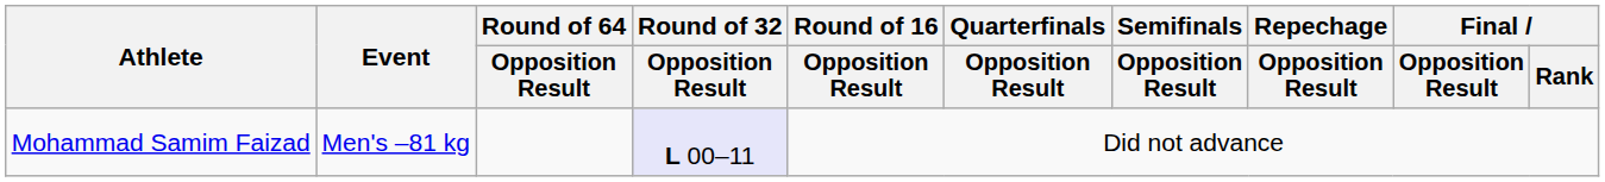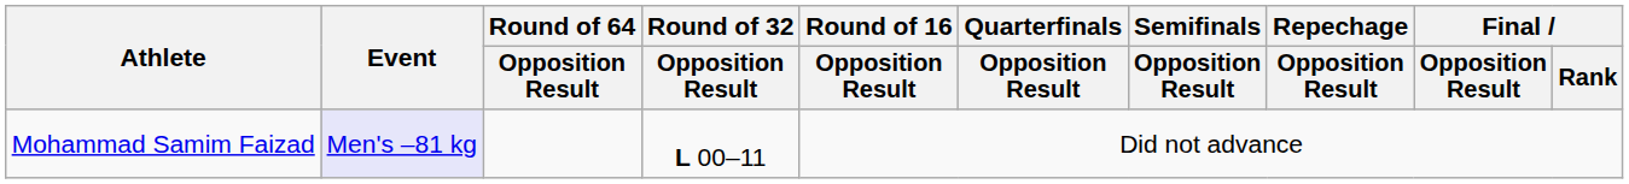 <table class="wikitable" style="font-size:90%">
 <tr>
 <th rowspan="2">Athlete</th>
 <th rowspan="2">Event</th>
 <th>Round of 64</th>
 <th>Round of 32</th>
 <th>Round of 16</th>
 <th>Quarterfinals</th>
 <th>Semifinals</th>
 <th>Repechage</th>
 <th colspan=2>Final / </th>
 </tr>
 <tr style="font-size:95%">
 <th>Opposition<br>Result</th>
 <th>Opposition<br>Result</th>
 <th>Opposition<br>Result</th>
 <th>Opposition<br>Result</th>
 <th>Opposition<br>Result</th>
 <th>Opposition<br>Result</th>
 <th>Opposition<br>Result</th>
 <th>Rank</th>
 </tr>
 <tr align=center>
 <td align=left><a href='#'>Mohammad Samim Faizad</a></td>
-<td align=left><a href='#'>Men's –81 kg</a></td>
+<td align=left style="background: lavender;"><a href='#'>Men's –81 kg</a></td>
 <td></td>
-<td style="background: lavender;"><br><strong>L</strong> 00–11</td>
+<td><br><strong>L</strong> 00–11</td>
 <td colspan=6>Did not advance</td>
 </tr>
 </table>
